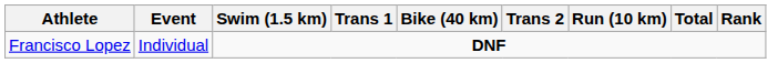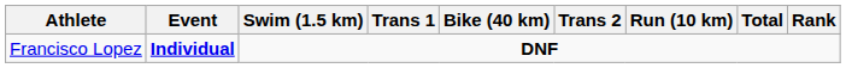 <table class="wikitable" style="font-size:90%">
 <tr>
 <th>Athlete</th>
 <th>Event</th>
 <th>Swim (1.5 km)</th>
 <th>Trans 1</th>
 <th>Bike (40 km)</th>
 <th>Trans 2</th>
 <th>Run (10 km)</th>
 <th>Total</th>
 <th>Rank</th>
 </tr>
 <tr>
 <td><a href='#'>Francisco Lopez</a></td>
-<td><a href='#'>Individual</a></td>
+<td><strong><a href='#'>Individual</a></strong></td>
 <td align=center colspan=7><strong>DNF</strong></td>
 </tr>
 </table>
